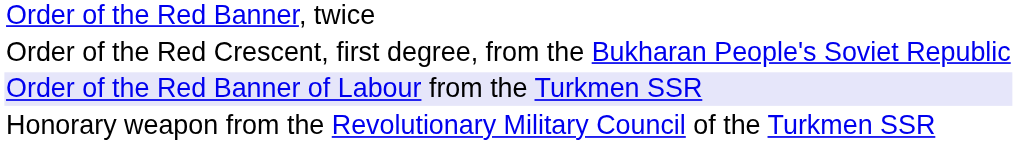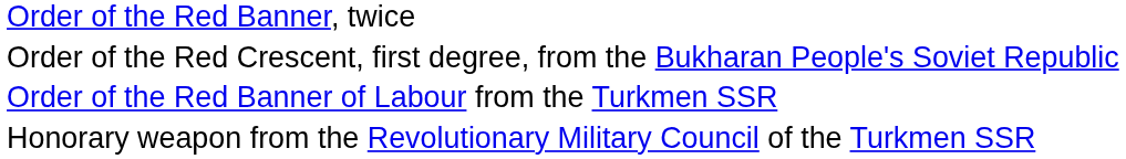 <table>
 <tr>
 <td> <a href='#'>Order of the Red Banner</a>, twice</td>
 </tr>
 <tr>
 <td>Order of the Red Crescent, first degree, from the <a href='#'>Bukharan People's Soviet Republic</a></td>
 </tr>
 <tr>
-<td style="background: lavender;"><a href='#'>Order of the Red Banner of Labour</a> from the <a href='#'>Turkmen SSR</a></td>
+<td><a href='#'>Order of the Red Banner of Labour</a> from the <a href='#'>Turkmen SSR</a></td>
 </tr>
 <tr>
 <td>Honorary weapon from the <a href='#'>Revolutionary Military Council</a> of the <a href='#'>Turkmen SSR</a></td>
 </tr>
 <tr>
 </tr>
 </table>
